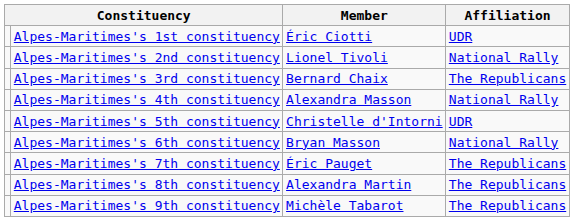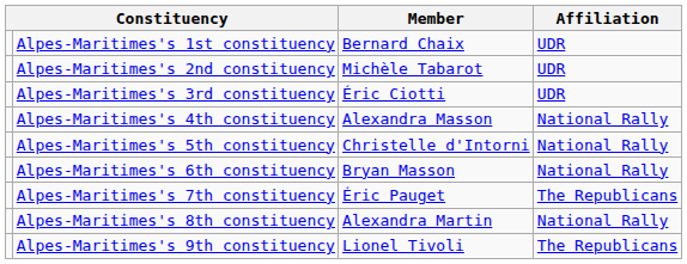 <table class="wikitable">
 <tr>
 <th colspan="2">Constituency</th>
 <th>Member</th>
 <th>Affiliation</th>
 </tr>
 <tr>
 <td style="background-color: "></td>
 <td><a href='#'>Alpes-Maritimes's 1st constituency</a></td>
-<td><a href='#'>Éric Ciotti</a></td>
+<td><a href='#'>Bernard Chaix</a></td>
 <td><a href='#'>UDR</a></td>
 </tr>
 <tr>
 <td style="background-color: "></td>
 <td><a href='#'>Alpes-Maritimes's 2nd constituency</a></td>
-<td><a href='#'>Lionel Tivoli</a></td>
-<td><a href='#'>National Rally</a></td>
+<td><a href='#'>Michèle Tabarot</a></td>
+<td><a href='#'>UDR</a></td>
 </tr>
 <tr>
 <td style="background:"></td>
 <td><a href='#'>Alpes-Maritimes's 3rd constituency</a></td>
-<td><a href='#'>Bernard Chaix</a></td>
-<td><a href='#'>The Republicans</a></td>
+<td><a href='#'>Éric Ciotti</a></td>
+<td><a href='#'>UDR</a></td>
 </tr>
 <tr>
 <td style="background-color: "></td>
 <td><a href='#'>Alpes-Maritimes's 4th constituency</a></td>
 <td><a href='#'>Alexandra Masson</a></td>
 <td><a href='#'>National Rally</a></td>
 </tr>
 <tr>
 <td style="background-color: "></td>
 <td><a href='#'>Alpes-Maritimes's 5th constituency</a></td>
 <td><a href='#'>Christelle d'Intorni</a></td>
-<td><a href='#'>UDR</a></td>
+<td><a href='#'>National Rally</a></td>
 </tr>
 <tr>
 <td style="background-color: "></td>
 <td><a href='#'>Alpes-Maritimes's 6th constituency</a></td>
 <td><a href='#'>Bryan Masson</a></td>
 <td><a href='#'>National Rally</a></td>
 </tr>
 <tr>
 <td style="background-color: "></td>
 <td><a href='#'>Alpes-Maritimes's 7th constituency</a></td>
 <td><a href='#'>Éric Pauget</a></td>
 <td><a href='#'>The Republicans</a></td>
 </tr>
 <tr>
 <td style="background-color: "></td>
 <td><a href='#'>Alpes-Maritimes's 8th constituency</a></td>
 <td><a href='#'>Alexandra Martin</a></td>
-<td><a href='#'>The Republicans</a></td>
+<td><a href='#'>National Rally</a></td>
 </tr>
 <tr>
 <td style="background-color: "></td>
 <td><a href='#'>Alpes-Maritimes's 9th constituency</a></td>
-<td><a href='#'>Michèle Tabarot</a></td>
+<td><a href='#'>Lionel Tivoli</a></td>
 <td><a href='#'>The Republicans</a></td>
 </tr>
 </table>
